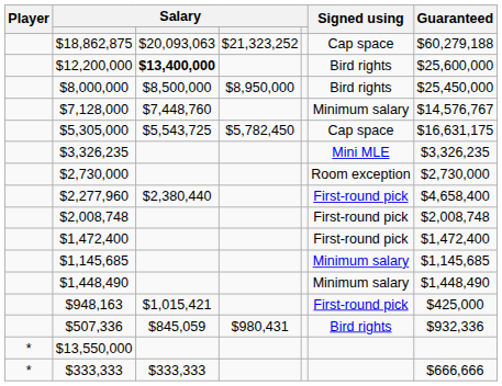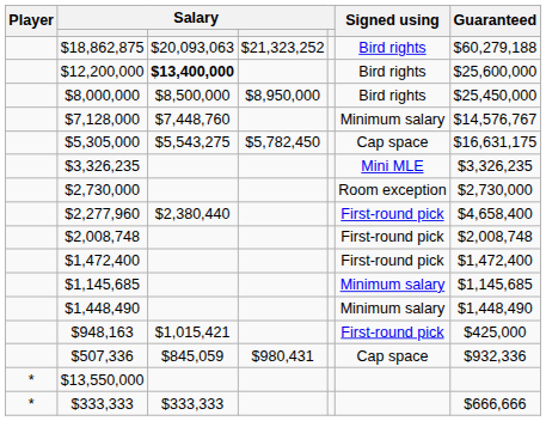 <table class="wikitable sortable" style="font-size:90%; text-align:center;">
 <tr>
 <th rowspan="2">Player</th>
 <th colspan="4">Salary</th>
 <th rowspan="2">Signed using</th>
 <th rowspan="2">Guaranteed</th>
 </tr>
 <tr>
 <th><a href='#'></a></th>
 <th><a href='#'></a></th>
 <th><a href='#'></a></th>
 <th><a href='#'></a></th>
 </tr>
 <tr>
 <td></td>
 <td>$18,862,875</td>
 <td>$20,093,063</td>
 <td>$21,323,252</td>
 <td></td>
-<td>Cap space</td>
+<td><a href='#'>Bird rights</a></td>
 <td>$60,279,188</td>
 </tr>
 <tr>
 <td></td>
 <td>$12,200,000</td>
 <td><strong>$13,400,000</strong></td>
 <td></td>
 <td></td>
 <td>Bird rights</td>
 <td>$25,600,000</td>
 </tr>
 <tr>
 <td></td>
 <td>$8,000,000</td>
 <td>$8,500,000</td>
 <td>$8,950,000</td>
 <td></td>
 <td>Bird rights</td>
 <td>$25,450,000</td>
 </tr>
 <tr>
 <td></td>
 <td>$7,128,000</td>
 <td>$7,448,760</td>
 <td></td>
 <td></td>
 <td>Minimum salary</td>
 <td>$14,576,767</td>
 </tr>
 <tr>
 <td></td>
 <td>$5,305,000</td>
-<td>$5,543,725</td>
+<td>$5,543,275</td>
 <td>$5,782,450</td>
 <td></td>
 <td>Cap space</td>
 <td>$16,631,175</td>
 </tr>
 <tr>
 <td></td>
 <td>$3,326,235</td>
 <td></td>
 <td></td>
 <td></td>
 <td><a href='#'>Mini MLE</a></td>
 <td>$3,326,235</td>
 </tr>
 <tr>
 <td></td>
 <td>$2,730,000</td>
 <td></td>
 <td></td>
 <td></td>
 <td>Room exception</td>
 <td>$2,730,000</td>
 </tr>
 <tr>
 <td></td>
 <td>$2,277,960</td>
 <td>$2,380,440</td>
 <td></td>
 <td></td>
 <td><a href='#'>First-round pick</a></td>
 <td>$4,658,400</td>
 </tr>
 <tr>
 <td></td>
 <td>$2,008,748</td>
 <td></td>
 <td></td>
 <td></td>
 <td>First-round pick</td>
 <td>$2,008,748</td>
 </tr>
 <tr>
 <td></td>
 <td>$1,472,400</td>
 <td></td>
 <td></td>
 <td></td>
 <td>First-round pick</td>
 <td>$1,472,400</td>
 </tr>
 <tr>
 <td></td>
 <td>$1,145,685</td>
 <td></td>
 <td></td>
 <td></td>
 <td><a href='#'>Minimum salary</a></td>
 <td>$1,145,685</td>
 </tr>
 <tr>
 <td></td>
 <td>$1,448,490</td>
 <td></td>
 <td></td>
 <td></td>
 <td>Minimum salary</td>
 <td>$1,448,490</td>
 </tr>
 <tr>
 <td></td>
 <td>$948,163</td>
 <td>$1,015,421</td>
 <td></td>
 <td></td>
 <td><a href='#'>First-round pick</a></td>
 <td>$425,000</td>
 </tr>
 <tr>
 <td></td>
 <td>$507,336</td>
 <td>$845,059</td>
 <td>$980,431</td>
 <td></td>
-<td><a href='#'>Bird rights</a></td>
+<td>Cap space</td>
 <td>$932,336</td>
 </tr>
 <tr>
 <td>*</td>
 <td>$13,550,000</td>
 <td></td>
 <td></td>
 <td></td>
 <td></td>
 <td></td>
 </tr>
 <tr>
 <td>*</td>
 <td>$333,333</td>
 <td>$333,333</td>
 <td></td>
 <td></td>
 <td></td>
 <td>$666,666</td>
 </tr>
 </table>
